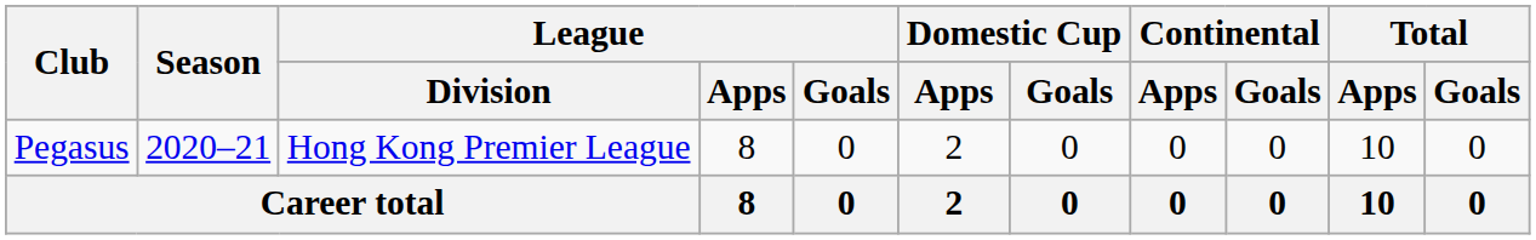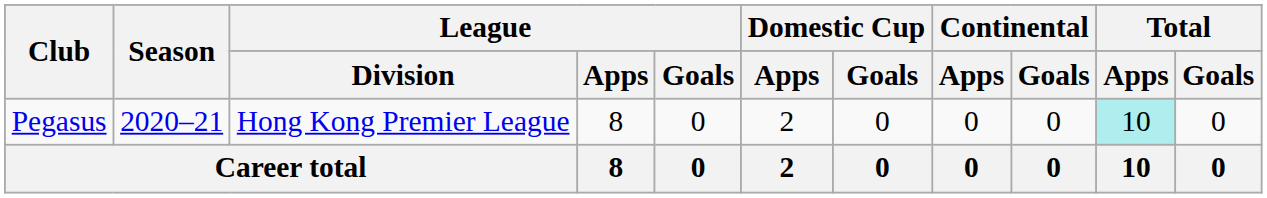 <table class="wikitable" style="text-align: center">
 <tr>
 <th rowspan="2">Club</th>
 <th rowspan="2">Season</th>
 <th colspan="3">League</th>
 <th colspan="2">Domestic Cup</th>
 <th colspan="2">Continental</th>
 <th colspan="2">Total</th>
 </tr>
 <tr>
 <th>Division</th>
 <th>Apps</th>
 <th>Goals</th>
 <th>Apps</th>
 <th>Goals</th>
 <th>Apps</th>
 <th>Goals</th>
 <th>Apps</th>
 <th>Goals</th>
 </tr>
 <tr>
 <td><a href='#'>Pegasus</a></td>
 <td><a href='#'>2020–21</a></td>
 <td><a href='#'>Hong Kong Premier League</a></td>
 <td>8</td>
 <td>0</td>
 <td>2</td>
 <td>0</td>
 <td>0</td>
 <td>0</td>
-<td>10</td>
+<td style="background: paleturquoise;">10</td>
 <td>0</td>
 </tr>
 <tr>
 <th colspan=3>Career total</th>
 <th>8</th>
 <th>0</th>
 <th>2</th>
 <th>0</th>
 <th>0</th>
 <th>0</th>
 <th>10</th>
 <th>0</th>
 </tr>
 </table>
